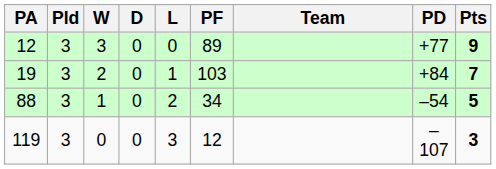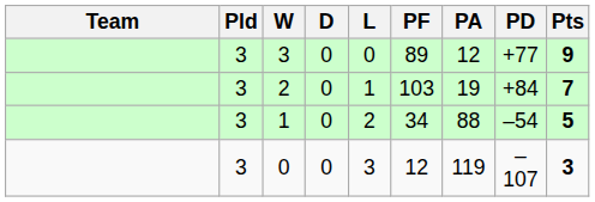 <table class="wikitable" style="text-align:center;">
 <tr>
-<th width=32 abbr="Points against">PA</th>
+<th width=155>Team</th>
 <th width=25 abbr="Played">Pld</th>
 <th width=25 abbr="Won">W</th>
 <th width=25 abbr="Drawn">D</th>
 <th width=25 abbr="Lost">L</th>
 <th width=32 abbr="Points for">PF</th>
-<th width=155>Team</th>
+<th width=32 abbr="Points against">PA</th>
 <th width=32 abbr="Points difference">PD</th>
 <th width=25 abbr="Points">Pts</th>
 </tr>
 <tr style="background:#ccffcc">
-<td>12</td>
+<td align=left></td>
 <td>3</td>
 <td>3</td>
 <td>0</td>
 <td>0</td>
 <td>89</td>
-<td align=left></td>
+<td>12</td>
 <td>+77</td>
 <td><strong>9</strong></td>
 </tr>
 <tr style="background:#ccffcc">
-<td>19</td>
+<td align=left></td>
 <td>3</td>
 <td>2</td>
 <td>0</td>
 <td>1</td>
 <td>103</td>
-<td align=left></td>
+<td>19</td>
 <td>+84</td>
 <td><strong>7</strong></td>
 </tr>
 <tr style="background:#ccffcc">
-<td>88</td>
+<td align=left></td>
 <td>3</td>
 <td>1</td>
 <td>0</td>
 <td>2</td>
 <td>34</td>
-<td align=left></td>
+<td>88</td>
 <td>–54</td>
 <td><strong>5</strong></td>
 </tr>
 <tr>
-<td>119</td>
+<td align=left></td>
 <td>3</td>
 <td>0</td>
 <td>0</td>
 <td>3</td>
 <td>12</td>
-<td align=left></td>
+<td>119</td>
 <td>–107</td>
 <td><strong>3</strong></td>
 </tr>
 </table>
